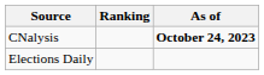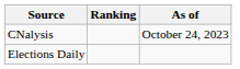 <table class="wikitable" style="text-align:center">
 <tr>
 <th>Source</th>
 <th>Ranking</th>
 <th>As of</th>
 </tr>
 <tr>
 <td align=left>CNalysis</td>
 <td></td>
-<td><strong>October 24, 2023</strong></td>
+<td>October 24, 2023</td>
 </tr>
 <tr>
 <td align=left>Elections Daily</td>
 <td></td>
 </tr>
 </table>
